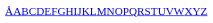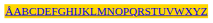 <table id="toc" class="toc">
 <tr>
 <td></td>
 </tr>
 <tr>
-<td style="text-align:center;"><a href='#'>Å</a><a href='#'>A</a><a href='#'>B</a><a href='#'>C</a><a href='#'>D</a><a href='#'>E</a><a href='#'>F</a><a href='#'>G</a><a href='#'>H</a><a href='#'>I</a><a href='#'>J</a><a href='#'>K</a><a href='#'>L</a><a href='#'>M</a><a href='#'>N</a><a href='#'>O</a><a href='#'>P</a><a href='#'>Q</a><a href='#'>R</a><a href='#'>S</a><a href='#'>T</a><a href='#'>U</a><a href='#'>V</a><a href='#'>W</a><a href='#'>X</a><a href='#'>Y</a><a href='#'>Z</a></td>
+<td style="background: gold; text-align:center;"><a href='#'>Å</a><a href='#'>A</a><a href='#'>B</a><a href='#'>C</a><a href='#'>D</a><a href='#'>E</a><a href='#'>F</a><a href='#'>G</a><a href='#'>H</a><a href='#'>I</a><a href='#'>J</a><a href='#'>K</a><a href='#'>L</a><a href='#'>M</a><a href='#'>N</a><a href='#'>O</a><a href='#'>P</a><a href='#'>Q</a><a href='#'>R</a><a href='#'>S</a><a href='#'>T</a><a href='#'>U</a><a href='#'>V</a><a href='#'>W</a><a href='#'>X</a><a href='#'>Y</a><a href='#'>Z</a></td>
 </tr>
 </table>
